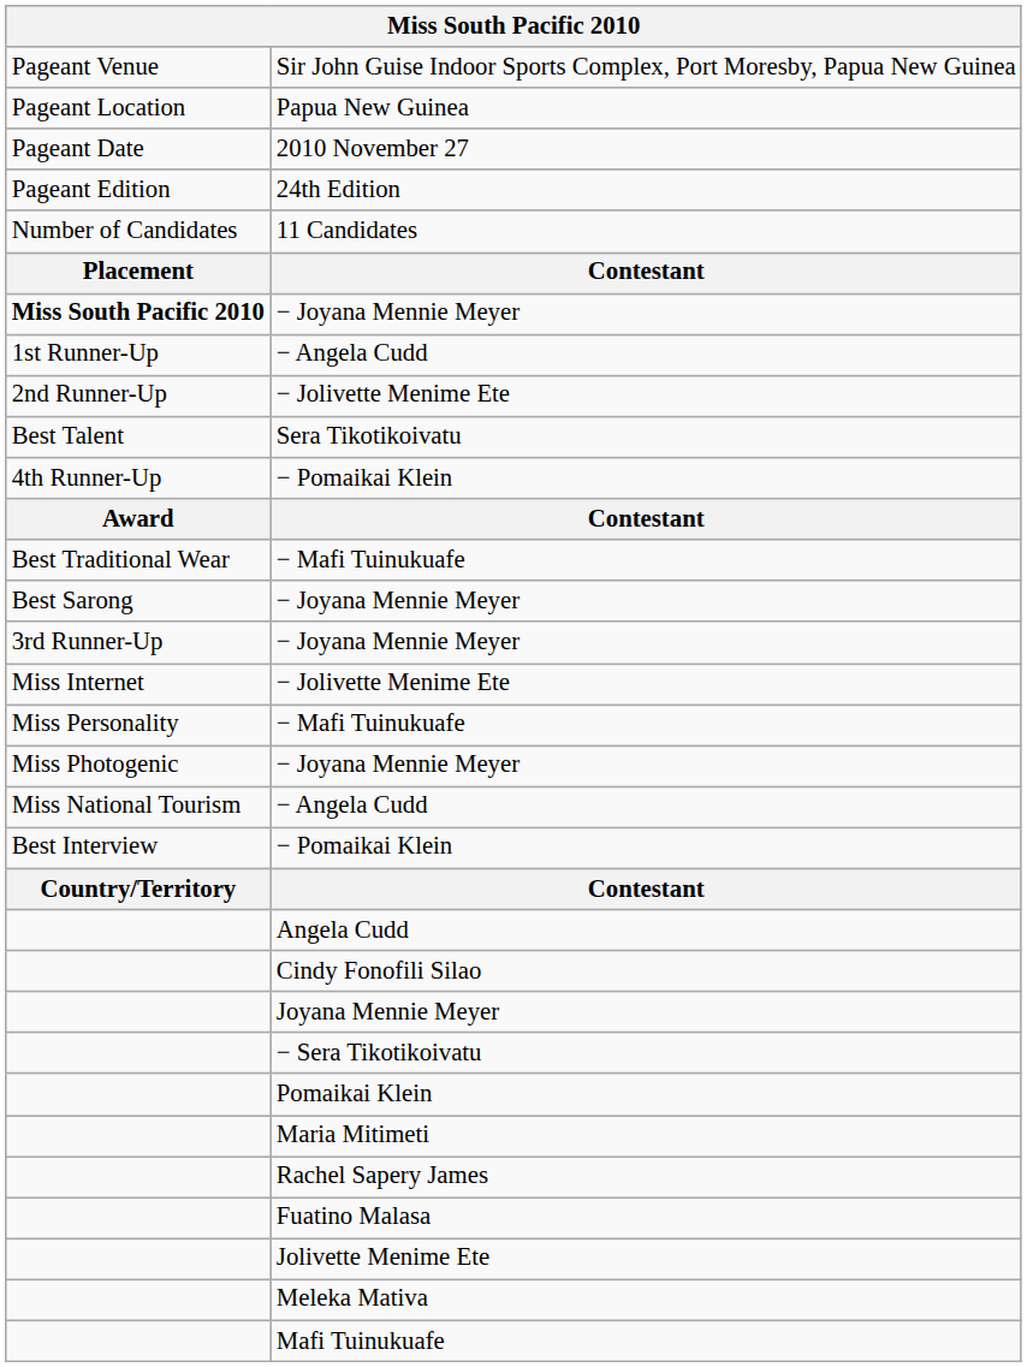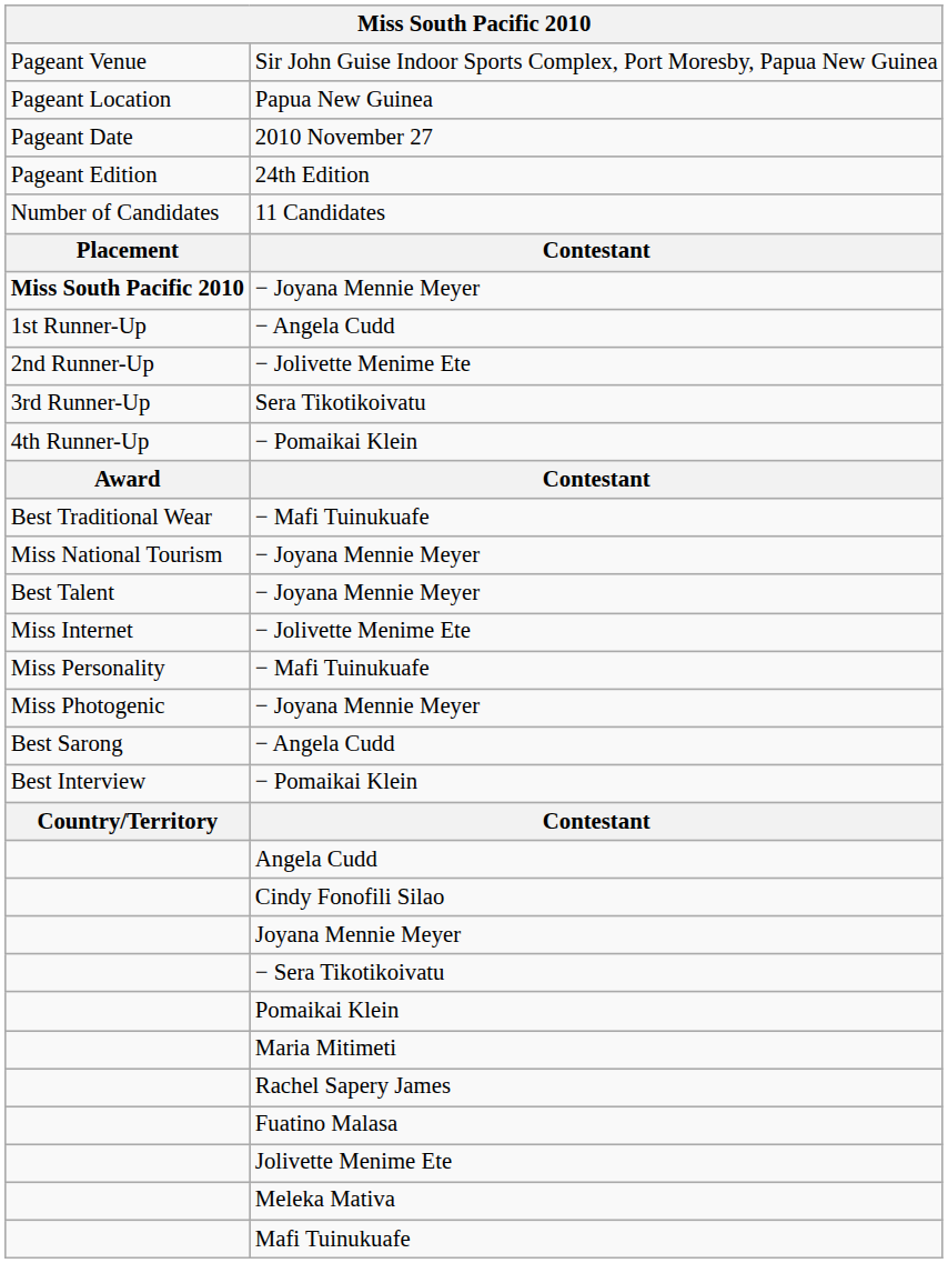 <table class="wikitable sortable" style="font-size: 80%;">
 <tr>
 <th colspan="2"><strong>Miss South Pacific 2010</strong></th>
 </tr>
 <tr>
 <td>Pageant Venue</td>
 <td>Sir John Guise Indoor Sports Complex, Port Moresby, Papua New Guinea</td>
 </tr>
 <tr>
 <td>Pageant Location</td>
 <td>Papua New Guinea</td>
 </tr>
 <tr>
 <td>Pageant Date</td>
 <td>2010 November 27</td>
 </tr>
 <tr>
 <td>Pageant Edition</td>
 <td>24th Edition</td>
 </tr>
 <tr>
 <td>Number of Candidates</td>
 <td>11 Candidates</td>
 </tr>
 <tr>
 <th>Placement</th>
 <th>Contestant</th>
 </tr>
 <tr>
 <td><strong>Miss South Pacific 2010</strong></td>
 <td> − Joyana Mennie Meyer</td>
 </tr>
 <tr>
 <td>1st Runner-Up</td>
 <td> − Angela Cudd</td>
 </tr>
 <tr>
 <td>2nd Runner-Up</td>
 <td> − Jolivette Menime Ete</td>
 </tr>
 <tr>
-<td>Best Talent</td>
+<td>3rd Runner-Up</td>
 <td>Sera Tikotikoivatu</td>
 </tr>
 <tr>
 <td>4th Runner-Up</td>
 <td> − Pomaikai Klein</td>
 </tr>
 <tr>
 <th>Award</th>
 <th>Contestant</th>
 </tr>
 <tr>
 <td>Best Traditional Wear</td>
 <td> − Mafi Tuinukuafe</td>
 </tr>
 <tr>
-<td>Best Sarong</td>
+<td>Miss National Tourism</td>
 <td> − Joyana Mennie Meyer</td>
 </tr>
 <tr>
-<td>3rd Runner-Up</td>
+<td>Best Talent</td>
 <td> − Joyana Mennie Meyer</td>
 </tr>
 <tr>
 <td>Miss Internet</td>
 <td> − Jolivette Menime Ete</td>
 </tr>
 <tr>
 <td>Miss Personality</td>
 <td> − Mafi Tuinukuafe</td>
 </tr>
 <tr>
 <td>Miss Photogenic</td>
 <td> − Joyana Mennie Meyer</td>
 </tr>
 <tr>
-<td>Miss National Tourism</td>
+<td>Best Sarong</td>
 <td> − Angela Cudd</td>
 </tr>
 <tr>
 <td>Best Interview</td>
 <td> − Pomaikai Klein</td>
 </tr>
 <tr>
 <th><strong>Country/Territory</strong></th>
 <th>Contestant</th>
 </tr>
 <tr>
 <td></td>
 <td>Angela Cudd</td>
 </tr>
 <tr>
 <td></td>
 <td>Cindy Fonofili Silao</td>
 </tr>
 <tr>
 <td></td>
 <td>Joyana Mennie Meyer</td>
 </tr>
 <tr>
 <td></td>
 <td> − Sera Tikotikoivatu</td>
 </tr>
 <tr>
 <td></td>
 <td>Pomaikai Klein</td>
 </tr>
 <tr>
 <td></td>
 <td>Maria Mitimeti</td>
 </tr>
 <tr>
 <td></td>
 <td>Rachel Sapery James</td>
 </tr>
 <tr>
 <td></td>
 <td>Fuatino Malasa</td>
 </tr>
 <tr>
 <td></td>
 <td>Jolivette Menime Ete</td>
 </tr>
 <tr>
 <td></td>
 <td>Meleka Mativa</td>
 </tr>
 <tr>
 <td></td>
 <td>Mafi Tuinukuafe</td>
 </tr>
 </table>
